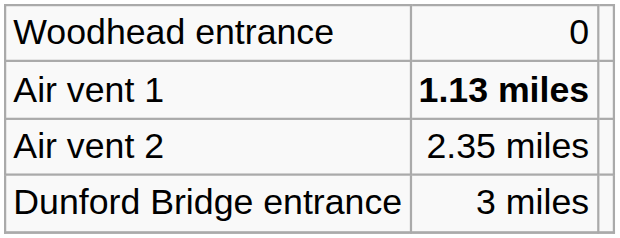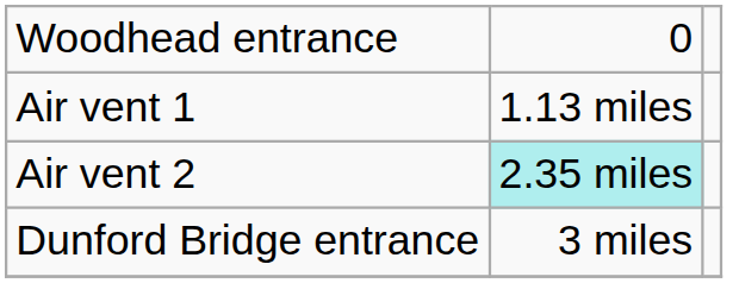 <table class="wikitable">
 <tr>
 <td>Woodhead entrance</td>
 <td align=right>0</td>
 <td></td>
 </tr>
 <tr>
 <td>Air vent 1</td>
-<td align=right><strong>1.13 miles</strong></td>
+<td align=right>1.13 miles</td>
 <td></td>
 </tr>
 <tr>
 <td>Air vent 2</td>
-<td align=right>2.35 miles</td>
+<td align=right style="background: paleturquoise;">2.35 miles</td>
 <td></td>
 </tr>
 <tr>
 <td>Dunford Bridge entrance</td>
 <td align=right>3 miles</td>
 <td></td>
 </tr>
 <tr>
 </tr>
 </table>
